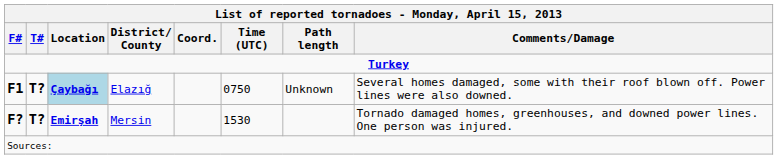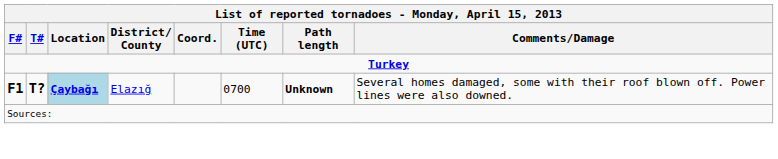 <table class="wikitable collapsible" width="100%">
 <tr>
 <th colspan="8">List of reported tornadoes - Monday, April 15, 2013</th>
 </tr>
 <tr>
 <th><a href='#'>F#</a></th>
 <th><a href='#'>T#</a></th>
 <th>Location</th>
 <th>District/<br>County</th>
 <th>Coord.</th>
 <th>Time (UTC)</th>
 <th>Path length</th>
 <th>Comments/Damage</th>
 </tr>
 <tr>
 <td colspan="8" align=center><strong><a href='#'>Turkey</a></strong></td>
 </tr>
 <tr>
 <td><big><strong>F1</strong></big></td>
 <td><big><strong>T?</strong></big></td>
 <td style="background: lightblue;"><strong><a href='#'>Çaybağı</a></strong></td>
 <td><a href='#'>Elazığ</a></td>
 <td></td>
-<td>0750</td>
-<td>Unknown</td>
+<td>0700</td>
+<td><strong>Unknown</strong></td>
 <td>Several homes damaged, some with their roof blown off. Power lines were also downed.</td>
-</tr>
-<tr>
-<td><big><strong>F?</strong></big></td>
-<td><big><strong>T?</strong></big></td>
-<td><strong><a href='#'>Emirşah</a></strong></td>
-<td><a href='#'>Mersin</a></td>
-<td></td>
-<td>1530</td>
-<td></td>
-<td>Tornado damaged homes, greenhouses, and downed power lines. One person was injured.</td>
 </tr>
 <tr>
 <td colspan="8"><small>Sources:  </small></td>
 </tr>
 </table>
